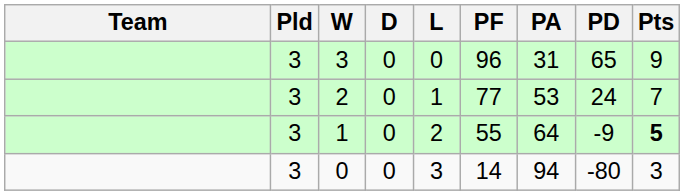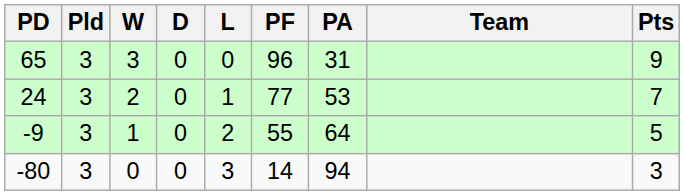 <table class="wikitable" style="text-align:center;">
 <tr>
-<th width=175>Team</th>
+<th width=32 abbr="Points difference">PD</th>
 <th width=25 abbr="Played">Pld</th>
 <th width=25 abbr="Won">W</th>
 <th width=25 abbr="Drawn">D</th>
 <th width=25 abbr="Lost">L</th>
 <th width=32 abbr="Points for">PF</th>
 <th width=32 abbr="Points against">PA</th>
-<th width=32 abbr="Points difference">PD</th>
+<th width=175>Team</th>
 <th width=25 abbr="Points">Pts</th>
 </tr>
 <tr bgcolor=ccffcc>
-<td align=left></td>
+<td>65</td>
 <td>3</td>
 <td>3</td>
 <td>0</td>
 <td>0</td>
 <td>96</td>
 <td>31</td>
-<td>65</td>
+<td align=left></td>
 <td>9</td>
 </tr>
 <tr bgcolor=ccffcc>
-<td align=left></td>
+<td>24</td>
 <td>3</td>
 <td>2</td>
 <td>0</td>
 <td>1</td>
 <td>77</td>
 <td>53</td>
-<td>24</td>
+<td align=left></td>
 <td>7</td>
 </tr>
 <tr bgcolor=ccffcc>
-<td align=left></td>
+<td>-9</td>
 <td>3</td>
 <td>1</td>
 <td>0</td>
 <td>2</td>
 <td>55</td>
 <td>64</td>
-<td>-9</td>
-<td><strong>5</strong></td>
+<td align=left></td>
+<td>5</td>
 </tr>
 <tr>
-<td align=left></td>
+<td>-80</td>
 <td>3</td>
 <td>0</td>
 <td>0</td>
 <td>3</td>
 <td>14</td>
 <td>94</td>
-<td>-80</td>
+<td align=left></td>
 <td>3</td>
 </tr>
 </table>
